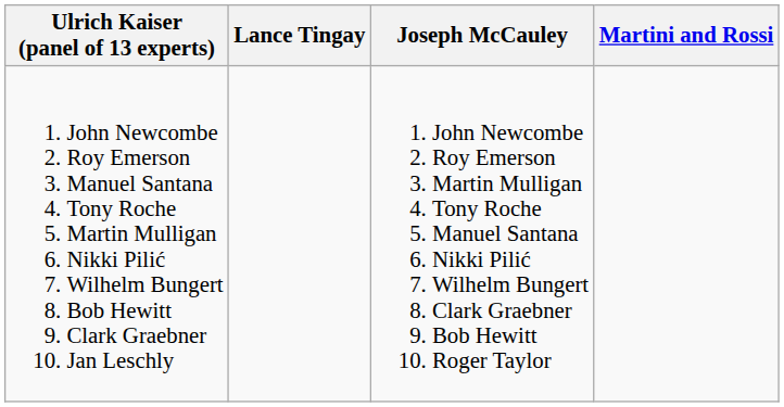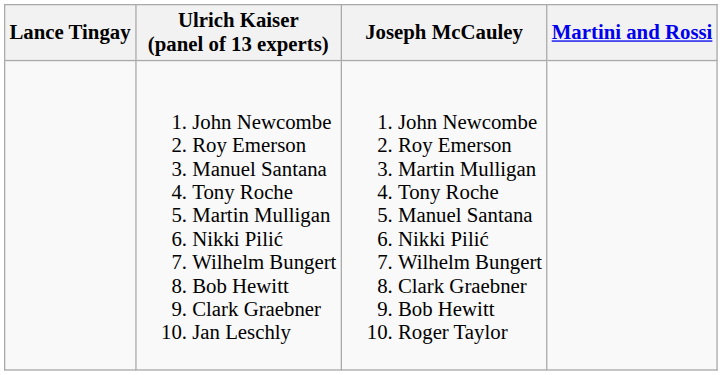 <table class="wikitable">
 <tr>
+<th>Lance Tingay<strong></strong></th>
 <th>Ulrich Kaiser<em></em><br>(panel of 13 experts)</th>
-<th>Lance Tingay<strong></strong></th>
 <th>Joseph McCauley</th>
 <th><a href='#'>Martini and Rossi</a></th>
 </tr>
 <tr style="vertical-align: top;">
+<td></td>
 <td style="white-space: nowrap;"><br><ol><li> John Newcombe</li><li> Roy Emerson</li><li> Manuel Santana</li><li> Tony Roche</li><li> Martin Mulligan</li><li> Nikki Pilić</li><li> Wilhelm Bungert</li><li> Bob Hewitt</li><li> Clark Graebner</li><li> Jan Leschly</li></ol></td>
-<td></td>
 <td style="white-space: nowrap;"><br><ol><li> John Newcombe</li><li> Roy Emerson</li><li> Martin Mulligan</li><li> Tony Roche</li><li> Manuel Santana</li><li> Nikki Pilić</li><li> Wilhelm Bungert</li><li> Clark Graebner</li><li> Bob Hewitt</li><li> Roger Taylor</li></ol></td>
 <td style="white-space: nowrap;"><br></td>
 </tr>
 </table>
